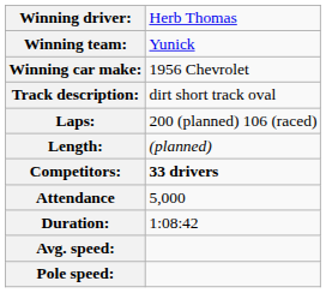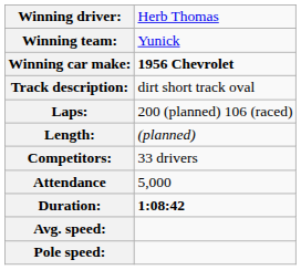 <table class="wikitable" style=text-align:left>
 <tr>
 <th>Winning driver:</th>
 <td><a href='#'>Herb Thomas</a></td>
 </tr>
 <tr>
 <th>Winning team:</th>
 <td><a href='#'>Yunick</a></td>
 </tr>
 <tr>
 <th>Winning car make:</th>
-<td>1956 Chevrolet</td>
+<td><strong>1956 Chevrolet</strong></td>
 </tr>
 <tr>
 <th>Track description:</th>
 <td> dirt short track oval</td>
 </tr>
 <tr>
 <th>Laps:</th>
 <td>200 (planned) 106 (raced)</td>
 </tr>
 <tr>
 <th>Length:</th>
 <td> <em>(planned)</em></td>
 </tr>
 <tr>
 <th>Competitors:</th>
-<td><strong>33 drivers</strong></td>
+<td>33 drivers</td>
 </tr>
 <tr>
 <th>Attendance</th>
 <td>5,000</td>
 </tr>
 <tr>
 <th>Duration:</th>
-<td>1:08:42</td>
+<td><strong>1:08:42</strong></td>
 </tr>
 <tr>
 <th>Avg. speed:</th>
 <td></td>
 </tr>
 <tr>
 <th>Pole speed:</th>
 <td></td>
 </tr>
 </table>
